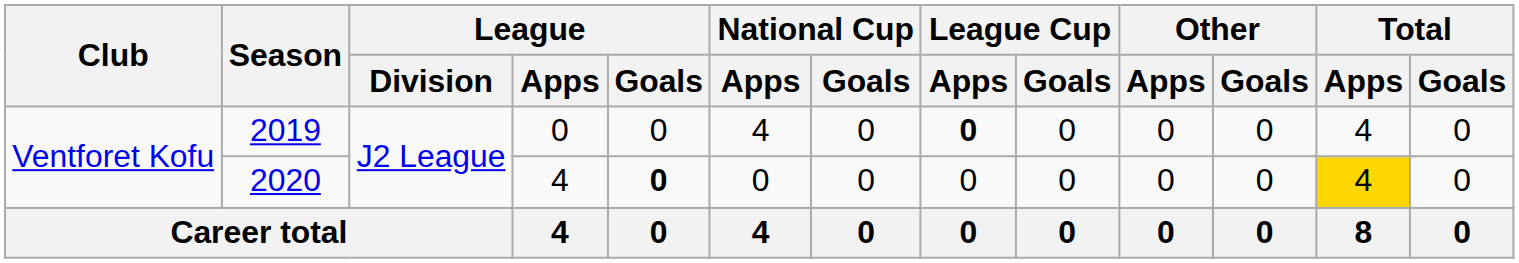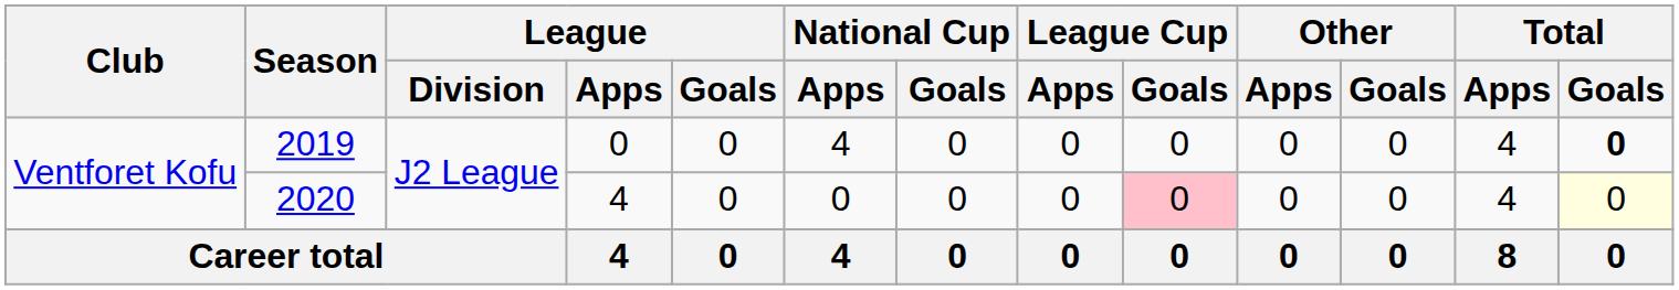 <table class="wikitable" style="text-align: center">
 <tr>
 <th rowspan="2">Club</th>
 <th rowspan="2">Season</th>
 <th colspan="3">League</th>
 <th colspan="2">National Cup</th>
 <th colspan="2">League Cup</th>
 <th colspan="2">Other</th>
 <th colspan="2">Total</th>
 </tr>
 <tr>
 <th>Division</th>
 <th>Apps</th>
 <th>Goals</th>
 <th>Apps</th>
 <th>Goals</th>
 <th>Apps</th>
 <th>Goals</th>
 <th>Apps</th>
 <th>Goals</th>
 <th>Apps</th>
 <th>Goals</th>
 </tr>
 <tr>
 <td rowspan="2"><a href='#'>Ventforet Kofu</a></td>
 <td><a href='#'>2019</a></td>
 <td rowspan="2"><a href='#'>J2 League</a></td>
 <td>0</td>
 <td>0</td>
 <td>4</td>
 <td>0</td>
-<td><strong>0</strong></td>
+<td>0</td>
 <td>0</td>
 <td>0</td>
 <td>0</td>
 <td>4</td>
-<td>0</td>
+<td><strong>0</strong></td>
 </tr>
 <tr>
 <td><a href='#'>2020</a></td>
 <td>4</td>
-<td><strong>0</strong></td>
 <td>0</td>
 <td>0</td>
 <td>0</td>
 <td>0</td>
+<td style="background: pink;">0</td>
 <td>0</td>
 <td>0</td>
-<td style="background: gold;">4</td>
-<td>0</td>
+<td>4</td>
+<td style="background: lightyellow;">0</td>
 </tr>
 <tr>
 <th colspan=3>Career total</th>
 <th>4</th>
 <th>0</th>
 <th>4</th>
 <th>0</th>
 <th>0</th>
 <th>0</th>
 <th>0</th>
 <th>0</th>
 <th>8</th>
 <th>0</th>
 </tr>
 </table>
